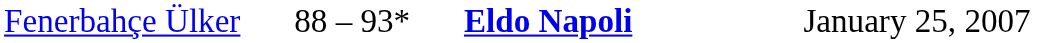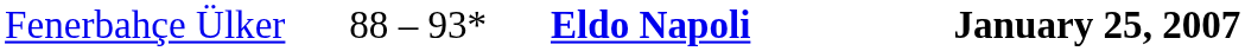 <table style="text-align:center">
 <tr>
 <th width=160></th>
 <th width=100></th>
 <th width=160></th>
 <th width=200></th>
 </tr>
 <tr>
 <td align=right><a href='#'>Fenerbahçe Ülker</a> </td>
 <td>88 – 93*</td>
 <td align=left> <strong><a href='#'>Eldo Napoli</a></strong></td>
-<td align=left>January 25, 2007</td>
+<td align=left><strong>January 25, 2007</strong></td>
 </tr>
 </table>
